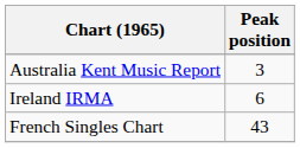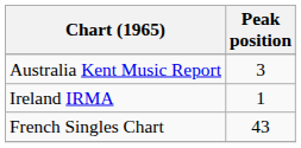 <table class="wikitable plainrowheaders sortable">
 <tr>
 <th style="text-align:center;">Chart (1965)</th>
 <th style="text-align:center;">Peak<br>position</th>
 </tr>
 <tr>
 </tr>
 <tr>
 </tr>
 <tr>
 <td align="left">Australia <a href='#'>Kent Music Report</a></td>
 <td style="text-align:center;">3</td>
 </tr>
 <tr>
 <td align="left">Ireland <a href='#'>IRMA</a></td>
-<td style="text-align:center;">6</td>
+<td style="text-align:center;">1</td>
 </tr>
 <tr>
 <td align="left">French Singles Chart</td>
 <td style="text-align:center;">43</td>
 </tr>
 <tr>
 </tr>
 </table>
